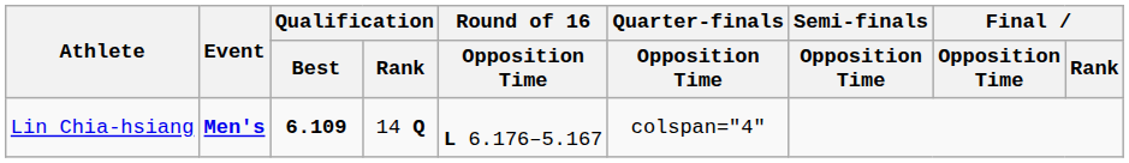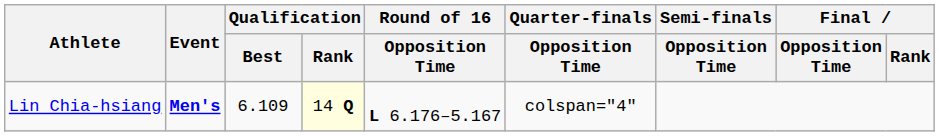 <table class=wikitable style="text-align:center; font-size:90%">
 <tr>
 <th rowspan="2">Athlete</th>
 <th rowspan="2">Event</th>
 <th colspan="2">Qualification</th>
 <th>Round of 16</th>
 <th>Quarter-finals</th>
 <th>Semi-finals</th>
 <th colspan="2">Final / </th>
 </tr>
 <tr>
 <th>Best</th>
 <th>Rank</th>
 <th>Opposition<br>Time</th>
 <th>Opposition<br>Time</th>
 <th>Opposition<br>Time</th>
 <th>Opposition<br>Time</th>
 <th>Rank</th>
 </tr>
 <tr>
 <td align="left"><a href='#'>Lin Chia-hsiang</a></td>
 <td align="left"><strong><a href='#'>Men's</a></strong></td>
-<td><strong>6.109</strong></td>
-<td>14 <strong>Q</strong></td>
+<td>6.109</td>
+<td style="background: lightyellow;">14 <strong>Q</strong></td>
 <td><br><strong>L</strong> 6.176–5.167</td>
 <td>colspan="4" </td>
 </tr>
 </table>
